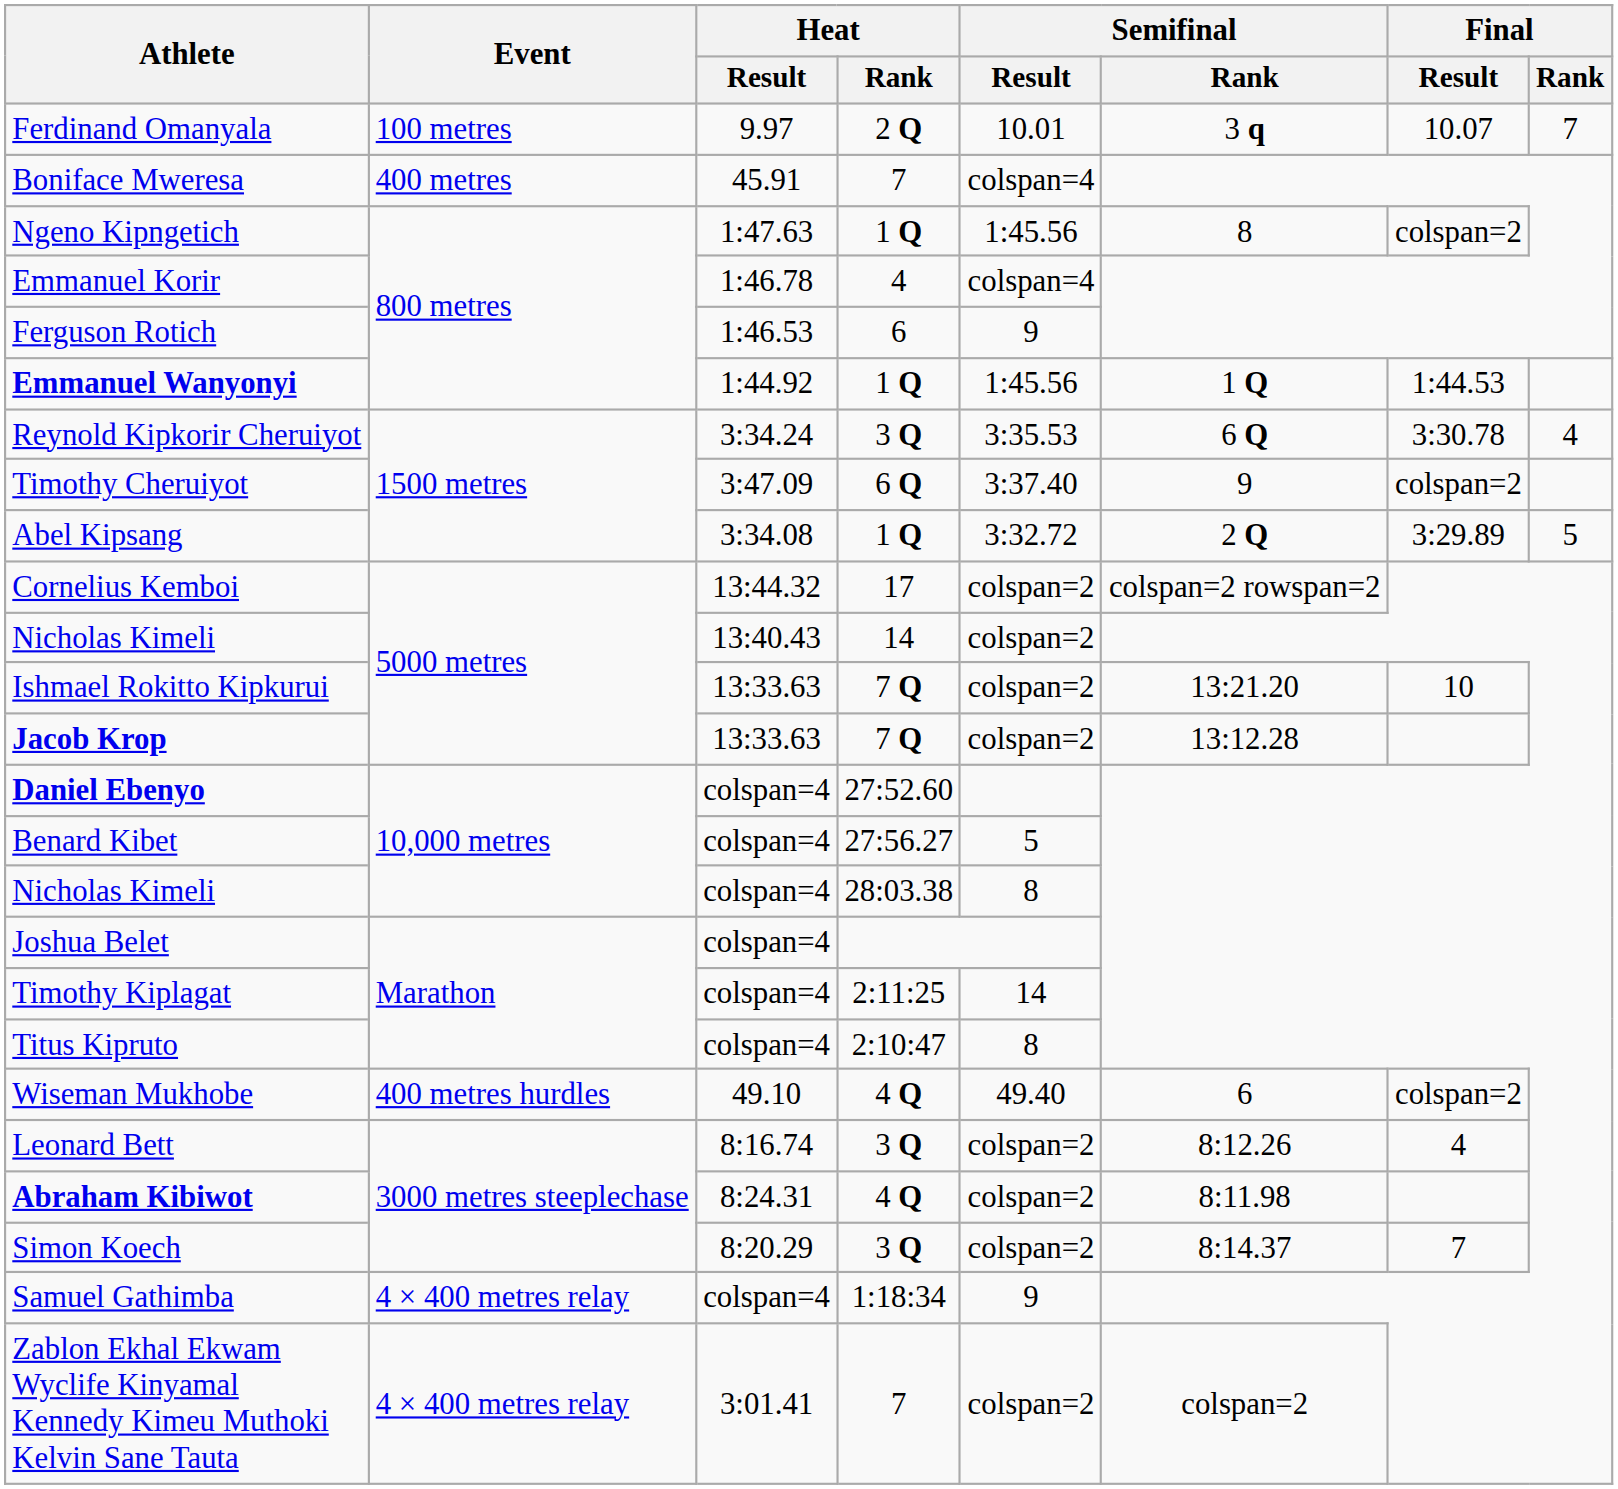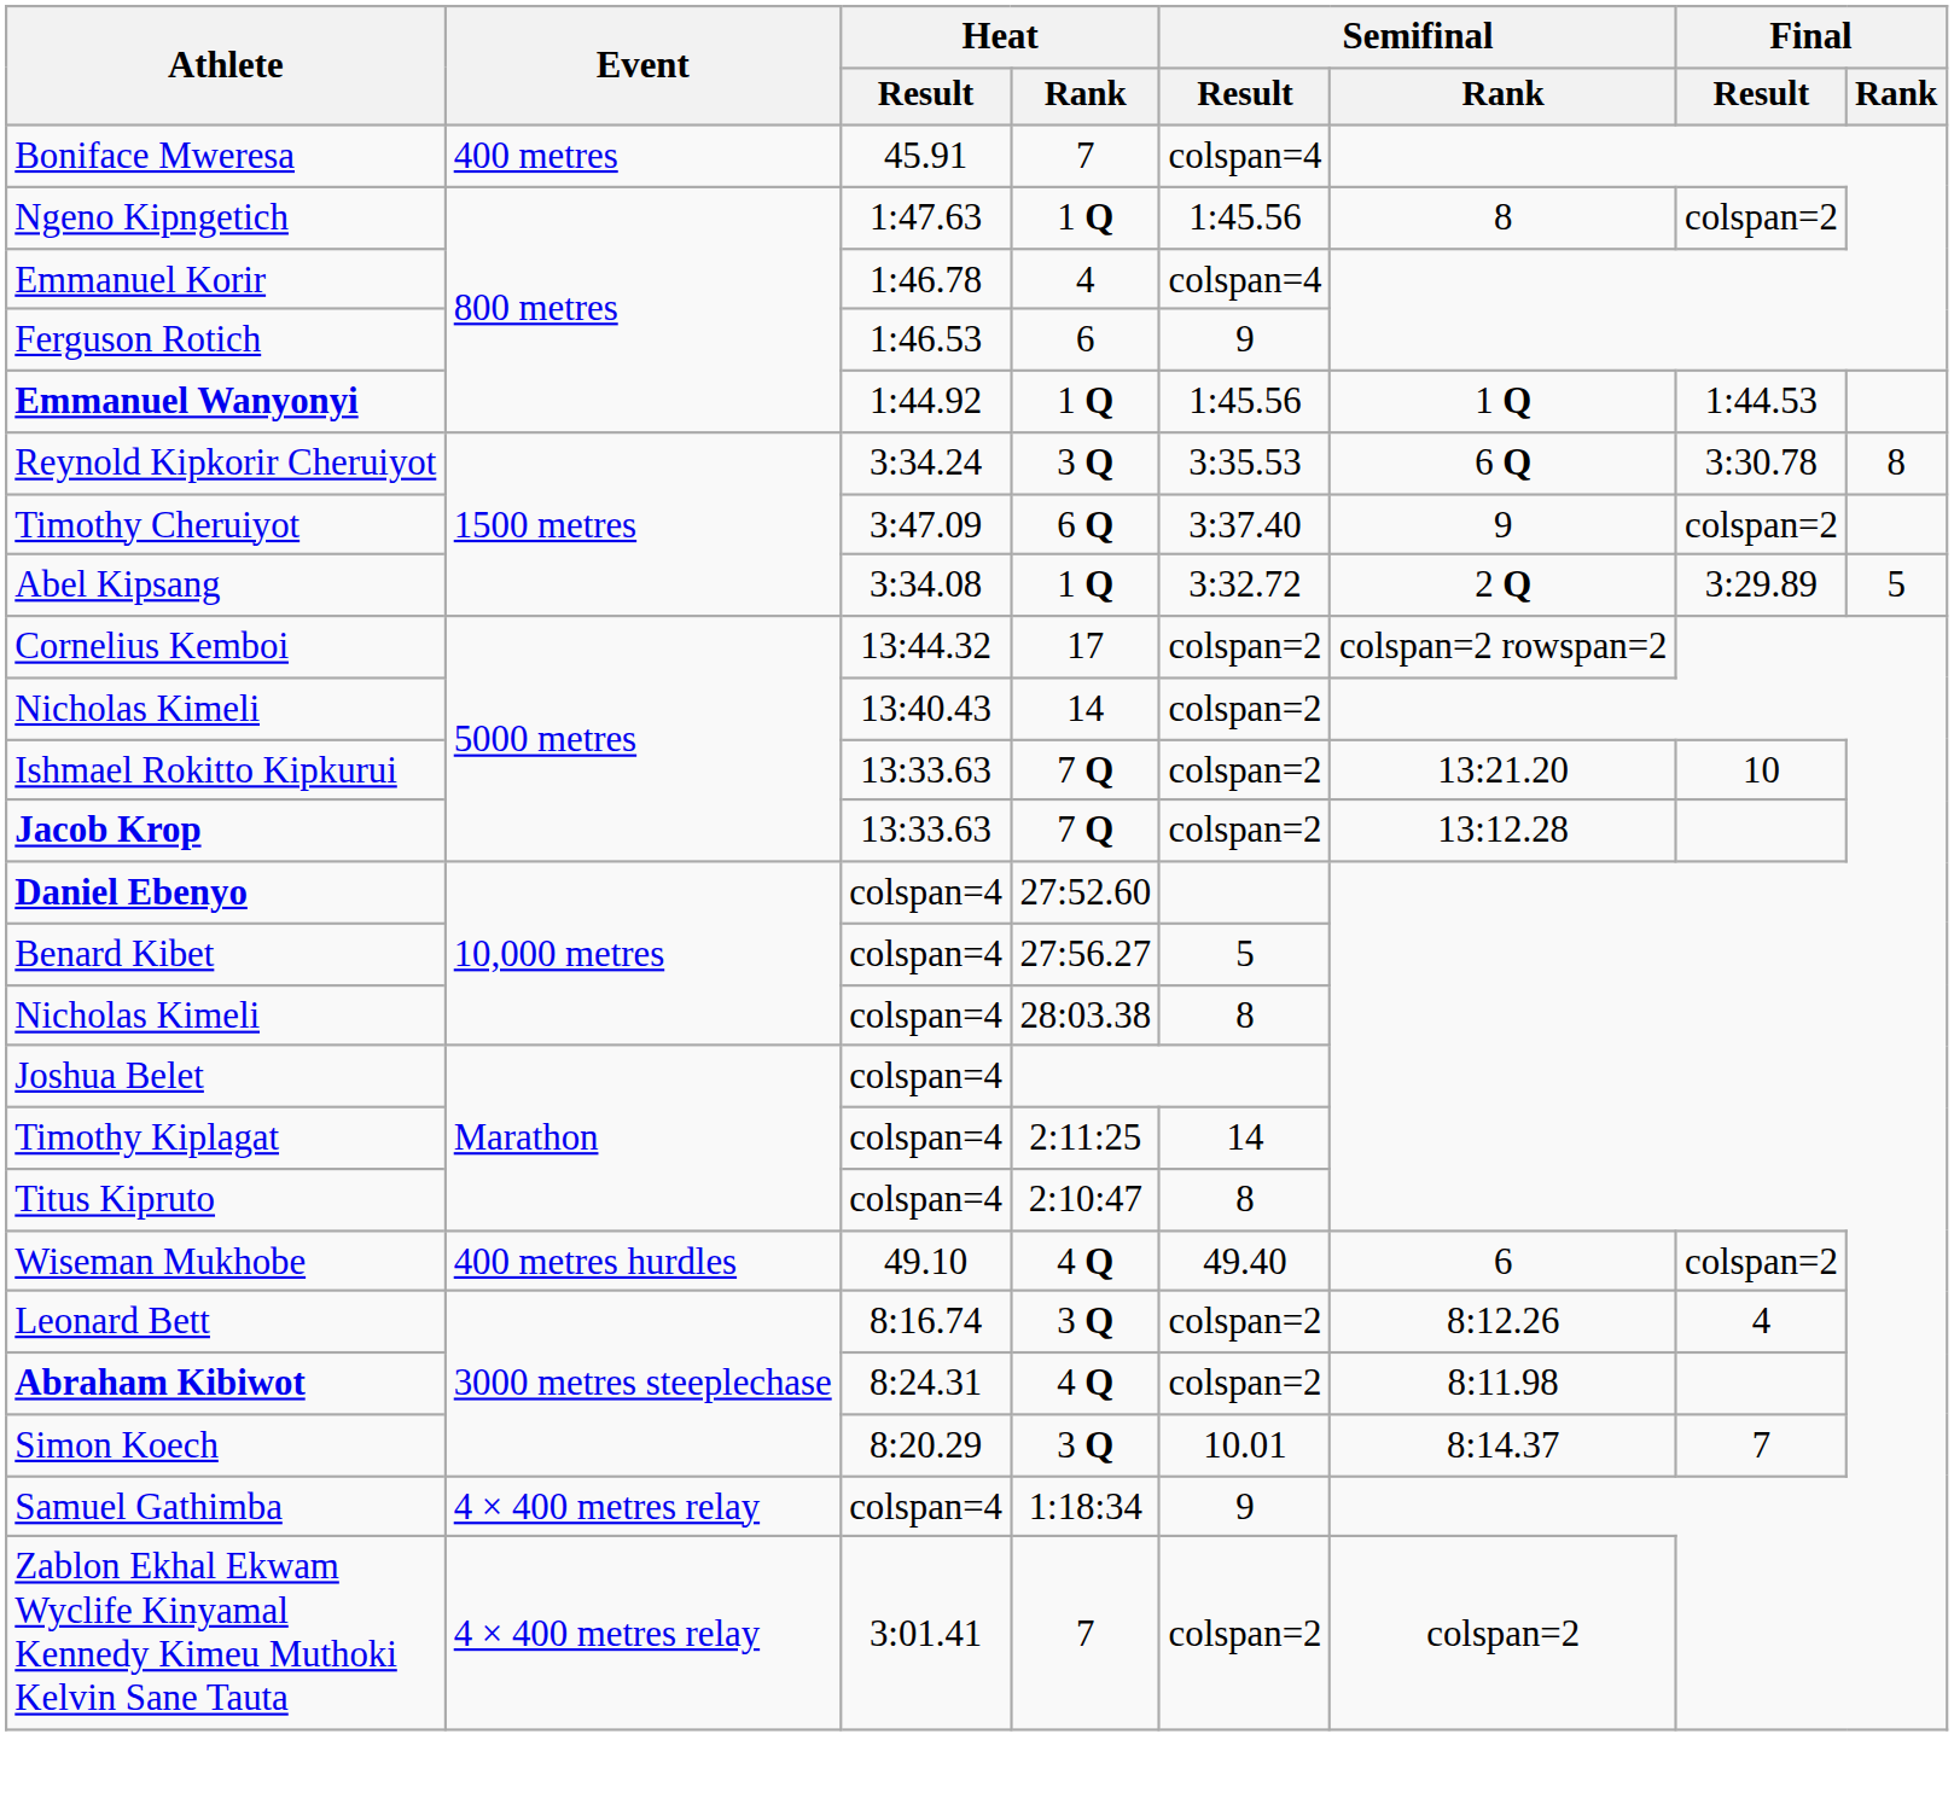 <table class="wikitable" style="font-size:90%">
 <tr>
 <th rowspan="2">Athlete</th>
 <th rowspan="2">Event</th>
 <th colspan="2">Heat</th>
 <th colspan="2">Semifinal</th>
 <th colspan="2">Final</th>
 </tr>
 <tr style="font-size:95%">
 <th>Result</th>
 <th>Rank</th>
 <th>Result</th>
 <th>Rank</th>
 <th>Result</th>
 <th>Rank</th>
-</tr>
-<tr style=text-align:center>
-<td style=text-align:left><a href='#'>Ferdinand Omanyala</a></td>
-<td style=text-align:left><a href='#'>100 metres</a></td>
-<td>9.97</td>
-<td>2 <strong>Q</strong></td>
-<td>10.01</td>
-<td>3 <strong>q</strong></td>
-<td>10.07</td>
-<td>7</td>
 </tr>
 <tr style=text-align:center>
 <td style=text-align:left><a href='#'>Boniface Mweresa</a></td>
 <td style=text-align:left><a href='#'>400 metres</a></td>
 <td>45.91</td>
 <td>7</td>
 <td>colspan=4 </td>
 </tr>
 <tr style=text-align:center>
 <td style=text-align:left><a href='#'>Ngeno Kipngetich</a></td>
 <td style=text-align:left rowspan=4><a href='#'>800 metres</a></td>
 <td>1:47.63</td>
 <td>1 <strong>Q</strong></td>
 <td>1:45.56</td>
 <td>8</td>
 <td>colspan=2 </td>
 </tr>
 <tr style=text-align:center>
 <td style=text-align:left><a href='#'>Emmanuel Korir</a></td>
 <td>1:46.78 </td>
 <td>4</td>
 <td>colspan=4 </td>
 </tr>
 <tr style=text-align:center>
 <td style=text-align:left><a href='#'>Ferguson Rotich</a></td>
 <td>1:46.53</td>
 <td>6</td>
 <td>9</td>
 </tr>
 <tr style=text-align:center>
 <td style=text-align:left><strong><a href='#'>Emmanuel Wanyonyi</a></strong></td>
 <td>1:44.92</td>
 <td>1 <strong>Q</strong></td>
 <td>1:45.56</td>
 <td>1 <strong>Q</strong></td>
 <td>1:44.53</td>
 <td></td>
 </tr>
 <tr style=text-align:center>
 <td style=text-align:left><a href='#'>Reynold Kipkorir Cheruiyot</a></td>
 <td style=text-align:left rowspan=3><a href='#'>1500 metres</a></td>
 <td>3:34.24</td>
 <td>3 <strong>Q</strong></td>
 <td>3:35.53</td>
 <td>6 <strong>Q</strong></td>
 <td>3:30.78</td>
-<td>4</td>
+<td>8</td>
 </tr>
 <tr style=text-align:center>
 <td style=text-align:left><a href='#'>Timothy Cheruiyot</a></td>
 <td>3:47.09</td>
 <td>6 <strong>Q</strong></td>
 <td>3:37.40</td>
 <td>9</td>
 <td>colspan=2 </td>
 </tr>
 <tr style=text-align:center>
 <td style=text-align:left><a href='#'>Abel Kipsang</a></td>
 <td>3:34.08</td>
 <td>1 <strong>Q</strong></td>
 <td>3:32.72</td>
 <td>2 <strong>Q</strong></td>
 <td>3:29.89</td>
 <td>5</td>
 </tr>
 <tr style=text-align:center>
 <td style=text-align:left><a href='#'>Cornelius Kemboi</a></td>
 <td style=text-align:left rowspan=4><a href='#'>5000 metres</a></td>
 <td>13:44.32</td>
 <td>17</td>
 <td>colspan=2</td>
 <td>colspan=2 rowspan=2</td>
 </tr>
 <tr style=text-align:center>
 <td style=text-align:left><a href='#'>Nicholas Kimeli</a></td>
 <td>13:40.43</td>
 <td>14</td>
 <td>colspan=2</td>
 </tr>
 <tr style=text-align:center>
 <td style=text-align:left><a href='#'>Ishmael Rokitto Kipkurui</a></td>
 <td>13:33.63</td>
 <td>7 <strong>Q</strong></td>
 <td>colspan=2</td>
 <td>13:21.20</td>
 <td>10</td>
 </tr>
 <tr style=text-align:center>
 <td style=text-align:left><strong><a href='#'>Jacob Krop</a></strong></td>
 <td>13:33.63</td>
 <td>7 <strong>Q</strong></td>
 <td>colspan=2</td>
 <td>13:12.28</td>
 <td></td>
 </tr>
 <tr style=text-align:center>
 <td style=text-align:left><strong><a href='#'>Daniel Ebenyo</a></strong></td>
 <td style=text-align:left rowspan=3><a href='#'>10,000 metres</a></td>
 <td>colspan=4</td>
 <td>27:52.60</td>
 <td></td>
 </tr>
 <tr style=text-align:center>
 <td style=text-align:left><a href='#'>Benard Kibet</a></td>
 <td>colspan=4</td>
 <td>27:56.27</td>
 <td>5</td>
 </tr>
 <tr style=text-align:center>
 <td style=text-align:left><a href='#'>Nicholas Kimeli</a></td>
 <td>colspan=4</td>
 <td>28:03.38</td>
 <td>8</td>
 </tr>
 <tr style=text-align:center>
 <td style=text-align:left><a href='#'>Joshua Belet</a></td>
 <td style=text-align:left rowspan=3><a href='#'>Marathon</a></td>
 <td>colspan=4</td>
 <td colspan=2></td>
 </tr>
 <tr style=text-align:center>
 <td style=text-align:left><a href='#'>Timothy Kiplagat</a></td>
 <td>colspan=4</td>
 <td>2:11:25</td>
 <td>14</td>
 </tr>
 <tr style=text-align:center>
 <td style=text-align:left><a href='#'>Titus Kipruto</a></td>
 <td>colspan=4</td>
 <td>2:10:47</td>
 <td>8</td>
 </tr>
 <tr style=text-align:center>
 <td style=text-align:left><a href='#'>Wiseman Mukhobe</a></td>
 <td style=text-align:left><a href='#'>400 metres hurdles</a></td>
 <td>49.10</td>
 <td>4 <strong>Q</strong></td>
 <td>49.40</td>
 <td>6</td>
 <td>colspan=2 </td>
 </tr>
 <tr style=text-align:center>
 <td style=text-align:left><a href='#'>Leonard Bett</a></td>
 <td style=text-align:left rowspan=3><a href='#'>3000 metres steeplechase</a></td>
 <td>8:16.74</td>
 <td>3 <strong>Q</strong></td>
 <td>colspan=2</td>
 <td>8:12.26</td>
 <td>4</td>
 </tr>
 <tr style=text-align:center>
 <td style=text-align:left><strong><a href='#'>Abraham Kibiwot</a></strong></td>
 <td>8:24.31</td>
 <td>4 <strong>Q</strong></td>
 <td>colspan=2</td>
 <td>8:11.98</td>
 <td></td>
 </tr>
 <tr style=text-align:center>
 <td style=text-align:left><a href='#'>Simon Koech</a></td>
 <td>8:20.29</td>
 <td>3 <strong>Q</strong></td>
-<td>colspan=2</td>
+<td>10.01</td>
 <td>8:14.37</td>
 <td>7</td>
 </tr>
 <tr align=center>
 <td align=left><a href='#'>Samuel Gathimba</a></td>
 <td align=left><a href='#'>4 × 400 metres relay</a></td>
 <td>colspan=4</td>
 <td>1:18:34 </td>
 <td>9</td>
 </tr>
 <tr align=center>
 <td align=left><a href='#'>Zablon Ekhal Ekwam</a><br><a href='#'>Wyclife Kinyamal</a><br><a href='#'>Kennedy Kimeu Muthoki</a><br><a href='#'>Kelvin Sane Tauta</a></td>
 <td align=left><a href='#'>4 × 400 metres relay</a></td>
 <td>3:01.41 </td>
 <td>7</td>
 <td>colspan=2</td>
 <td>colspan=2 </td>
 </tr>
 </table>
